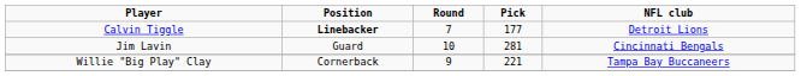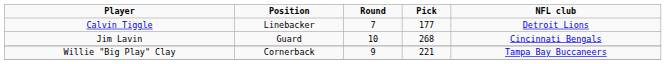 <table class="wikitable" width="80%">
 <tr align="center">
 <td><strong>Player</strong></td>
 <td><strong>Position</strong></td>
 <td><strong>Round</strong></td>
 <td><strong>Pick</strong></td>
 <td><strong>NFL club</strong></td>
 </tr>
 <tr align="center" bgcolor="">
 <td><a href='#'>Calvin Tiggle</a></td>
-<td><strong>Linebacker</strong></td>
+<td>Linebacker</td>
 <td>7</td>
 <td>177</td>
 <td><a href='#'>Detroit Lions</a></td>
 </tr>
 <tr align="center" bgcolor="">
 <td>Jim Lavin</td>
 <td>Guard</td>
 <td>10</td>
-<td>281</td>
+<td>268</td>
 <td><a href='#'>Cincinnati Bengals</a></td>
 </tr>
 <tr align="center" bgcolor="">
 </tr>
 <tr align="center" bgcolor="">
 <td>Willie "Big Play" Clay</td>
 <td>Cornerback</td>
 <td>9</td>
 <td>221</td>
 <td><a href='#'>Tampa Bay Buccaneers</a></td>
 </tr>
 <tr align="center" bgcolor="">
 </tr>
 </table>
